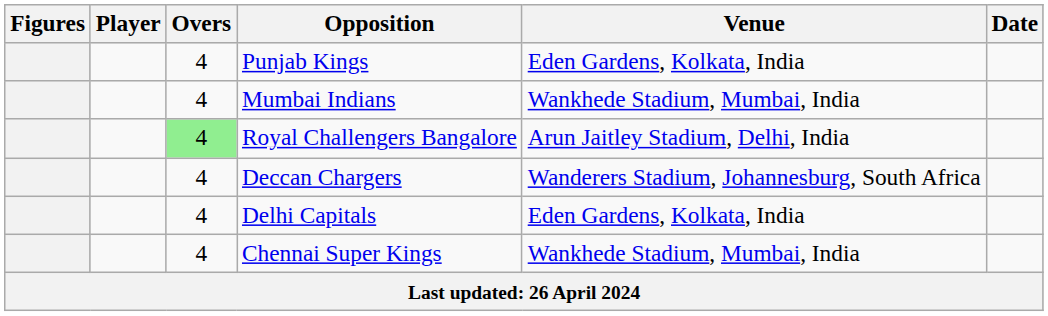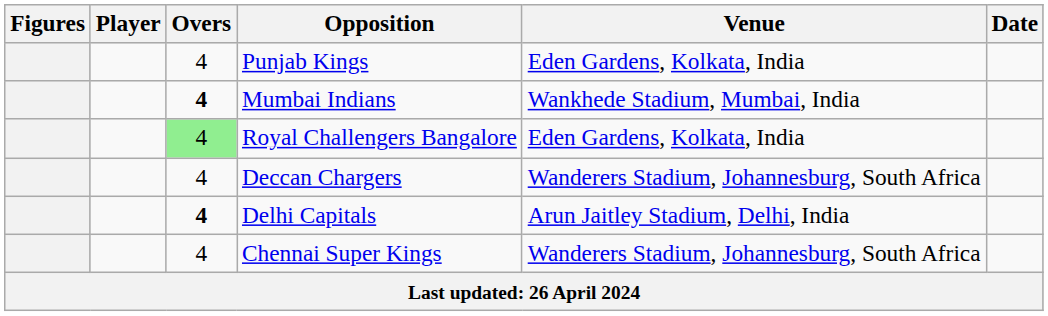 <table class="wikitable sortable" style="text-align:left;font-size:96%;">
 <tr>
 <th>Figures</th>
 <th>Player</th>
 <th>Overs</th>
 <th>Opposition</th>
 <th>Venue</th>
 <th>Date</th>
 </tr>
 <tr>
 <th scope=row style=text-align:center;></th>
 <td></td>
 <td align=center>4</td>
 <td><a href='#'>Punjab Kings</a></td>
 <td><a href='#'>Eden Gardens</a>, <a href='#'>Kolkata</a>, India</td>
 <td></td>
 </tr>
 <tr>
 <th scope=row style=text-align:center;></th>
 <td></td>
-<td align=center>4</td>
+<td align=center><strong>4</strong></td>
 <td><a href='#'>Mumbai Indians</a></td>
 <td><a href='#'>Wankhede Stadium</a>, <a href='#'>Mumbai</a>, India</td>
 <td></td>
 </tr>
 <tr>
 <th scope=row style=text-align:center;></th>
 <td></td>
 <td align=center style="background: lightgreen;">4</td>
 <td><a href='#'>Royal Challengers Bangalore</a></td>
-<td><a href='#'>Arun Jaitley Stadium</a>, <a href='#'>Delhi</a>, India</td>
+<td><a href='#'>Eden Gardens</a>, <a href='#'>Kolkata</a>, India</td>
 <td></td>
 </tr>
 <tr>
 <th scope=row style=text-align:center;></th>
 <td></td>
 <td align=center>4</td>
 <td><a href='#'>Deccan Chargers</a></td>
 <td><a href='#'>Wanderers Stadium</a>, <a href='#'>Johannesburg</a>, South Africa</td>
 <td></td>
 </tr>
 <tr>
 <th scope=row style=text-align:center;></th>
 <td></td>
-<td align=center>4</td>
+<td align=center><strong>4</strong></td>
 <td><a href='#'>Delhi Capitals</a></td>
-<td><a href='#'>Eden Gardens</a>, <a href='#'>Kolkata</a>, India</td>
+<td><a href='#'>Arun Jaitley Stadium</a>, <a href='#'>Delhi</a>, India</td>
 <td></td>
 </tr>
 <tr>
 <th scope=row style=text-align:center;></th>
 <td></td>
 <td align=center>4</td>
 <td><a href='#'>Chennai Super Kings</a></td>
-<td><a href='#'>Wankhede Stadium</a>, <a href='#'>Mumbai</a>, India</td>
+<td><a href='#'>Wanderers Stadium</a>, <a href='#'>Johannesburg</a>, South Africa</td>
 <td></td>
 </tr>
 <tr class=sortbottom>
 <th colspan=7><small>Last updated: 26 April 2024</small></th>
 </tr>
 </table>
